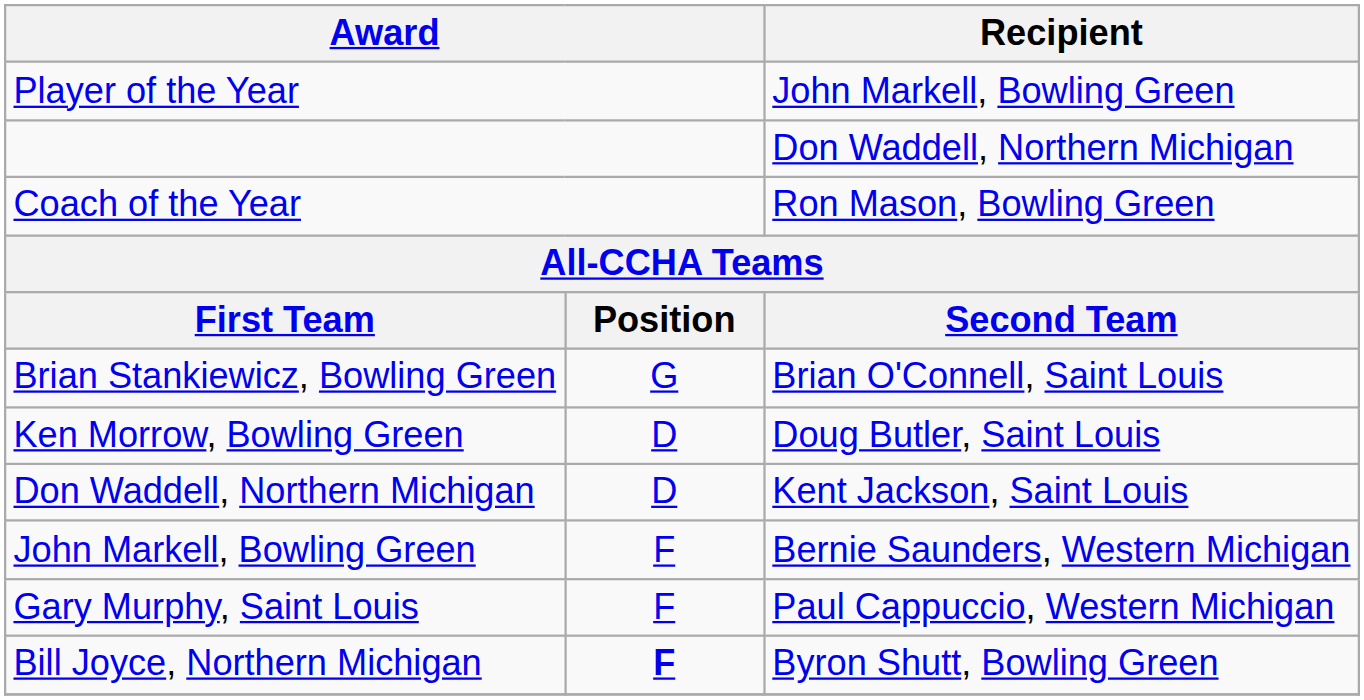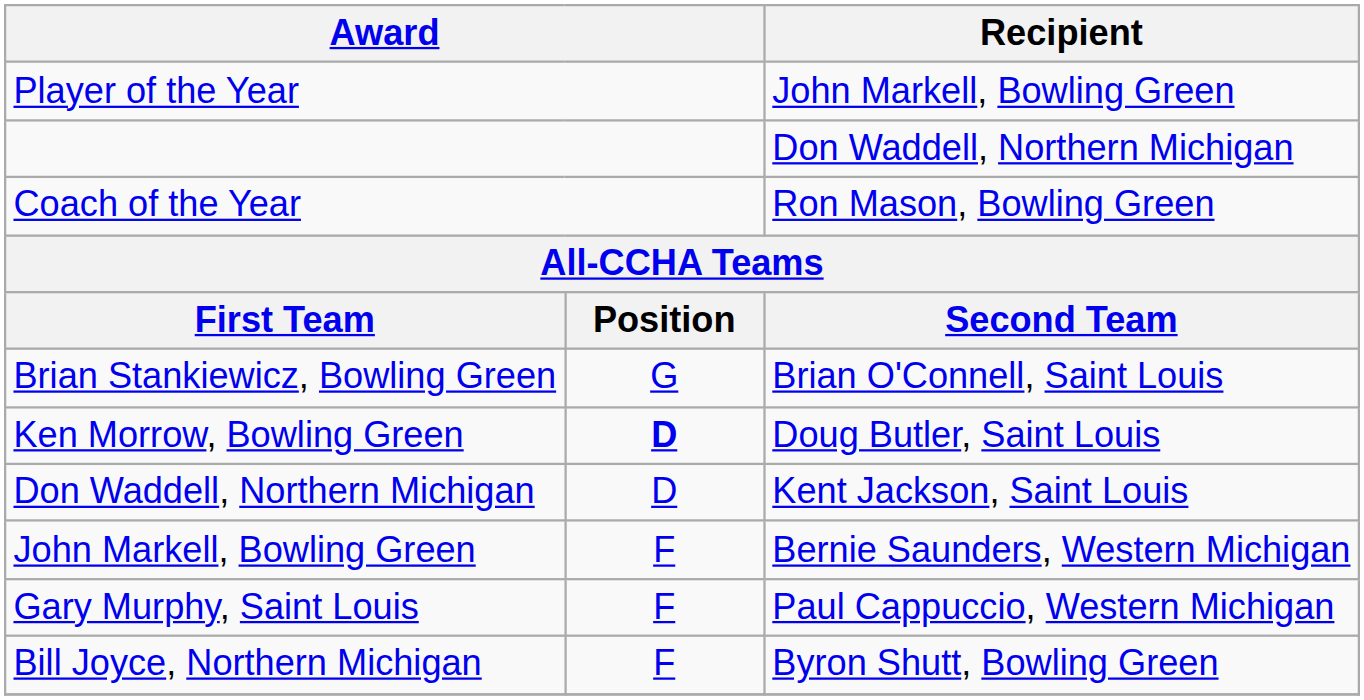 <table class="wikitable">
 <tr>
 <th colspan=2><a href='#'>Award</a></th>
 <th>Recipient</th>
 </tr>
 <tr>
 <td colspan=2><a href='#'>Player of the Year</a></td>
 <td><a href='#'>John Markell</a>, <a href='#'>Bowling Green</a></td>
 </tr>
 <tr>
 <td colspan=2></td>
 <td><a href='#'>Don Waddell</a>, <a href='#'>Northern Michigan</a></td>
 </tr>
 <tr>
 <td colspan=2><a href='#'>Coach of the Year</a></td>
 <td><a href='#'>Ron Mason</a>, <a href='#'>Bowling Green</a></td>
 </tr>
 <tr>
 <th colspan=3><a href='#'>All-CCHA Teams</a></th>
 </tr>
 <tr>
 <th><a href='#'>First Team</a></th>
 <th>  Position  </th>
 <th><a href='#'>Second Team</a></th>
 </tr>
 <tr>
 <td><a href='#'>Brian Stankiewicz</a>, <a href='#'>Bowling Green</a></td>
 <td align=center><a href='#'>G</a></td>
 <td><a href='#'>Brian O'Connell</a>, <a href='#'>Saint Louis</a></td>
 </tr>
 <tr>
 <td><a href='#'>Ken Morrow</a>, <a href='#'>Bowling Green</a></td>
-<td align=center><a href='#'>D</a></td>
+<td align=center><strong><a href='#'>D</a></strong></td>
 <td><a href='#'>Doug Butler</a>, <a href='#'>Saint Louis</a></td>
 </tr>
 <tr>
 <td><a href='#'>Don Waddell</a>, <a href='#'>Northern Michigan</a></td>
 <td align=center><a href='#'>D</a></td>
 <td><a href='#'>Kent Jackson</a>, <a href='#'>Saint Louis</a></td>
 </tr>
 <tr>
 <td><a href='#'>John Markell</a>, <a href='#'>Bowling Green</a></td>
 <td align=center><a href='#'>F</a></td>
 <td><a href='#'>Bernie Saunders</a>, <a href='#'>Western Michigan</a></td>
 </tr>
 <tr>
 <td><a href='#'>Gary Murphy</a>, <a href='#'>Saint Louis</a></td>
 <td align=center><a href='#'>F</a></td>
 <td><a href='#'>Paul Cappuccio</a>, <a href='#'>Western Michigan</a></td>
 </tr>
 <tr>
 <td><a href='#'>Bill Joyce</a>, <a href='#'>Northern Michigan</a></td>
-<td align=center><strong><a href='#'>F</a></strong></td>
+<td align=center><a href='#'>F</a></td>
 <td><a href='#'>Byron Shutt</a>, <a href='#'>Bowling Green</a></td>
 </tr>
 <tr>
 </tr>
 </table>
